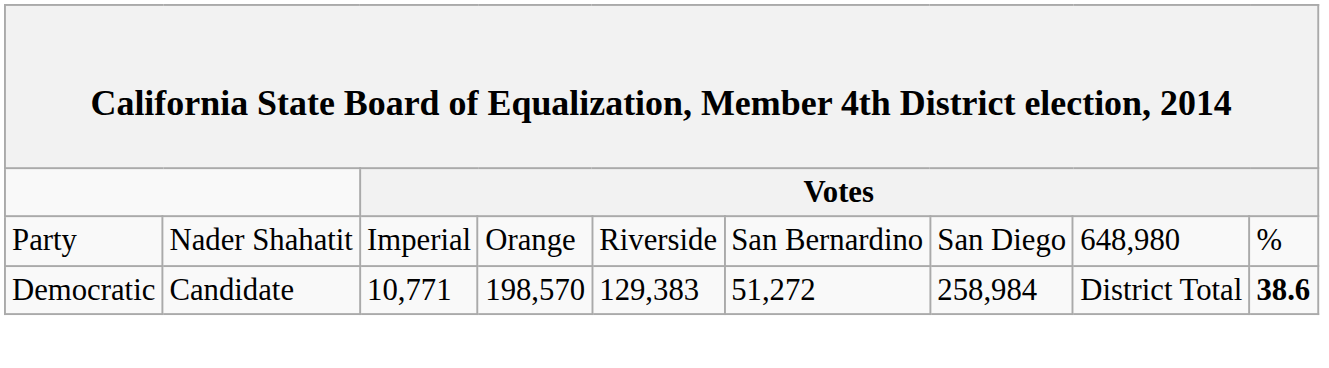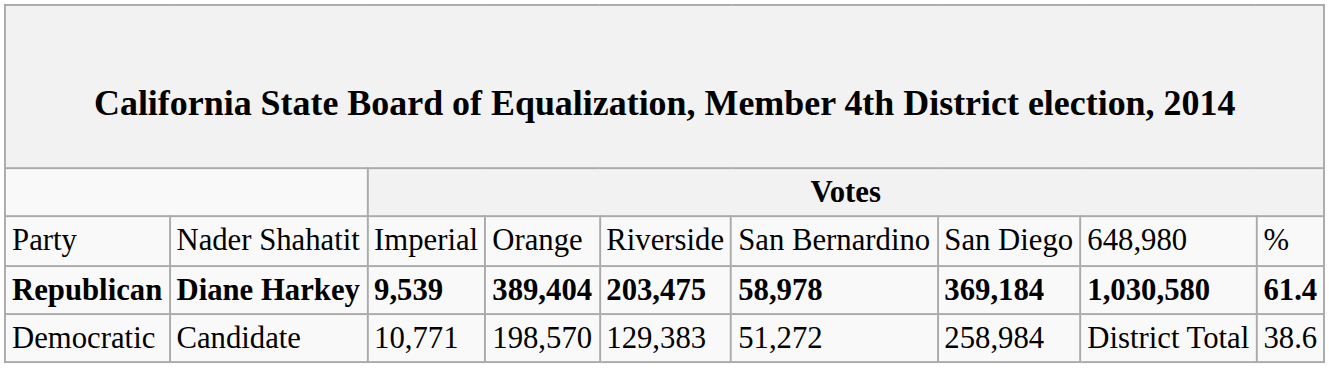 <table class="wikitable">
 <tr>
 <th colspan="9"><br><h3>California State Board of Equalization, Member 4th District election, 2014</h3></th>
 </tr>
 <tr>
 <td colspan="2"></td>
 <th colspan="7">Votes</th>
 </tr>
 <tr>
 <td>Party</td>
 <td>Nader Shahatit</td>
 <td>Imperial</td>
 <td>Orange</td>
 <td>Riverside</td>
 <td>San Bernardino</td>
 <td>San Diego</td>
 <td>648,980</td>
 <td>%</td>
 </tr>
 <tr>
+<td><strong>Republican</strong></td>
+<td><strong>Diane Harkey</strong></td>
+<td><strong>9,539</strong></td>
+<td><strong>389,404</strong></td>
+<td><strong>203,475</strong></td>
+<td><strong>58,978</strong></td>
+<td><strong>369,184</strong></td>
+<td><strong>1,030,580</strong></td>
+<td><strong>61.4</strong></td>
+</tr>
+<tr>
 <td>Democratic</td>
 <td>Candidate</td>
 <td>10,771</td>
 <td>198,570</td>
 <td>129,383</td>
 <td>51,272</td>
 <td>258,984</td>
 <td>District Total</td>
-<td><strong>38.6</strong></td>
+<td>38.6</td>
 </tr>
 </table>
